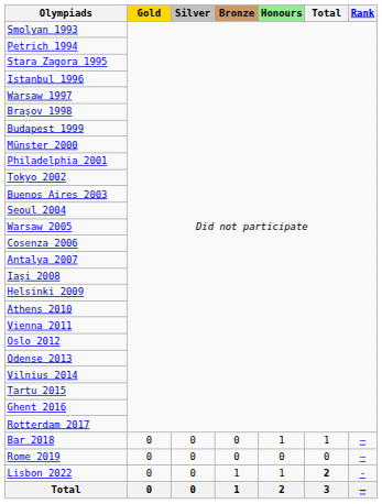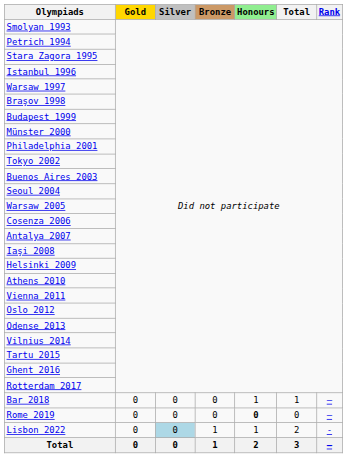 <table class="wikitable" style="text-align:center; font-size:90%;">
 <tr>
 <th style="width:12em;">Olympiads</th>
 <th style="width:4em; background:gold;">Gold</th>
 <th style="width:4em; background:silver;">Silver</th>
 <th style="width:4em; background:#cc9966;">Bronze</th>
 <th style="width:4em; background:#90EE90;">Honours</th>
 <th style="width:4em;">Total</th>
 <th style="width:2em;"><a href='#'>Rank</a></th>
 </tr>
 <tr>
 <td align=left> <a href='#'>Smolyan 1993</a></td>
 <td align=center colspan=6 rowspan="25"><em>Did not participate</em></td>
 </tr>
 <tr>
 <td align=left> <a href='#'>Petrich 1994</a></td>
 </tr>
 <tr>
 <td align=left> <a href='#'>Stara Zagora 1995</a></td>
 </tr>
 <tr>
 <td align=left> <a href='#'>Istanbul 1996</a></td>
 </tr>
 <tr>
 <td align=left> <a href='#'>Warsaw 1997</a></td>
 </tr>
 <tr>
 <td align=left> <a href='#'>Braşov 1998</a></td>
 </tr>
 <tr>
 <td align=left> <a href='#'>Budapest 1999</a></td>
 </tr>
 <tr>
 <td align=left> <a href='#'>Münster 2000</a></td>
 </tr>
 <tr>
 <td align=left> <a href='#'>Philadelphia 2001</a></td>
 </tr>
 <tr>
 <td align=left> <a href='#'>Tokyo 2002</a></td>
 </tr>
 <tr>
 <td align=left> <a href='#'>Buenos Aires 2003</a></td>
 </tr>
 <tr>
 <td align=left> <a href='#'>Seoul 2004</a></td>
 </tr>
 <tr>
 <td align=left> <a href='#'>Warsaw 2005</a></td>
 </tr>
 <tr>
 <td align=left> <a href='#'>Cosenza 2006</a></td>
 </tr>
 <tr>
 <td align=left> <a href='#'>Antalya 2007</a></td>
 </tr>
 <tr>
 <td align=left> <a href='#'>Iaşi 2008</a></td>
 </tr>
 <tr>
 <td align=left> <a href='#'>Helsinki 2009</a></td>
 </tr>
 <tr>
 <td align=left> <a href='#'>Athens 2010</a></td>
 </tr>
 <tr>
 <td align=left> <a href='#'>Vienna 2011</a></td>
 </tr>
 <tr>
 <td align=left> <a href='#'>Oslo 2012</a></td>
 </tr>
 <tr>
 <td align=left> <a href='#'>Odense 2013</a></td>
 </tr>
 <tr>
 <td align=left> <a href='#'>Vilnius 2014</a></td>
 </tr>
 <tr>
 <td align=left> <a href='#'>Tartu 2015</a></td>
 </tr>
 <tr>
 <td align=left> <a href='#'>Ghent 2016</a></td>
 </tr>
 <tr>
 <td align=left> <a href='#'>Rotterdam 2017</a></td>
 </tr>
 <tr>
 <td align=left> <a href='#'>Bar 2018</a></td>
 <td>0</td>
 <td>0</td>
 <td>0</td>
 <td>1</td>
 <td>1</td>
 <td><a href='#'>–</a></td>
 </tr>
 <tr>
 <td align=left> <a href='#'>Rome 2019</a></td>
 <td>0</td>
 <td>0</td>
 <td>0</td>
-<td>0</td>
+<td><strong>0</strong></td>
 <td>0</td>
 <td><a href='#'>–</a></td>
 </tr>
 <tr>
 <td align=left> <a href='#'>Lisbon 2022</a></td>
 <td>0</td>
-<td>0</td>
+<td style="background: lightblue;">0</td>
 <td>1</td>
 <td>1</td>
-<td><strong>2</strong></td>
+<td>2</td>
 <td><a href='#'>-</a></td>
 </tr>
 <tr>
 <th colspan=1>Total</th>
 <th>0</th>
 <th>0</th>
 <th>1</th>
 <th>2</th>
 <th>3</th>
 <th><a href='#'>–</a></th>
 </tr>
 </table>
